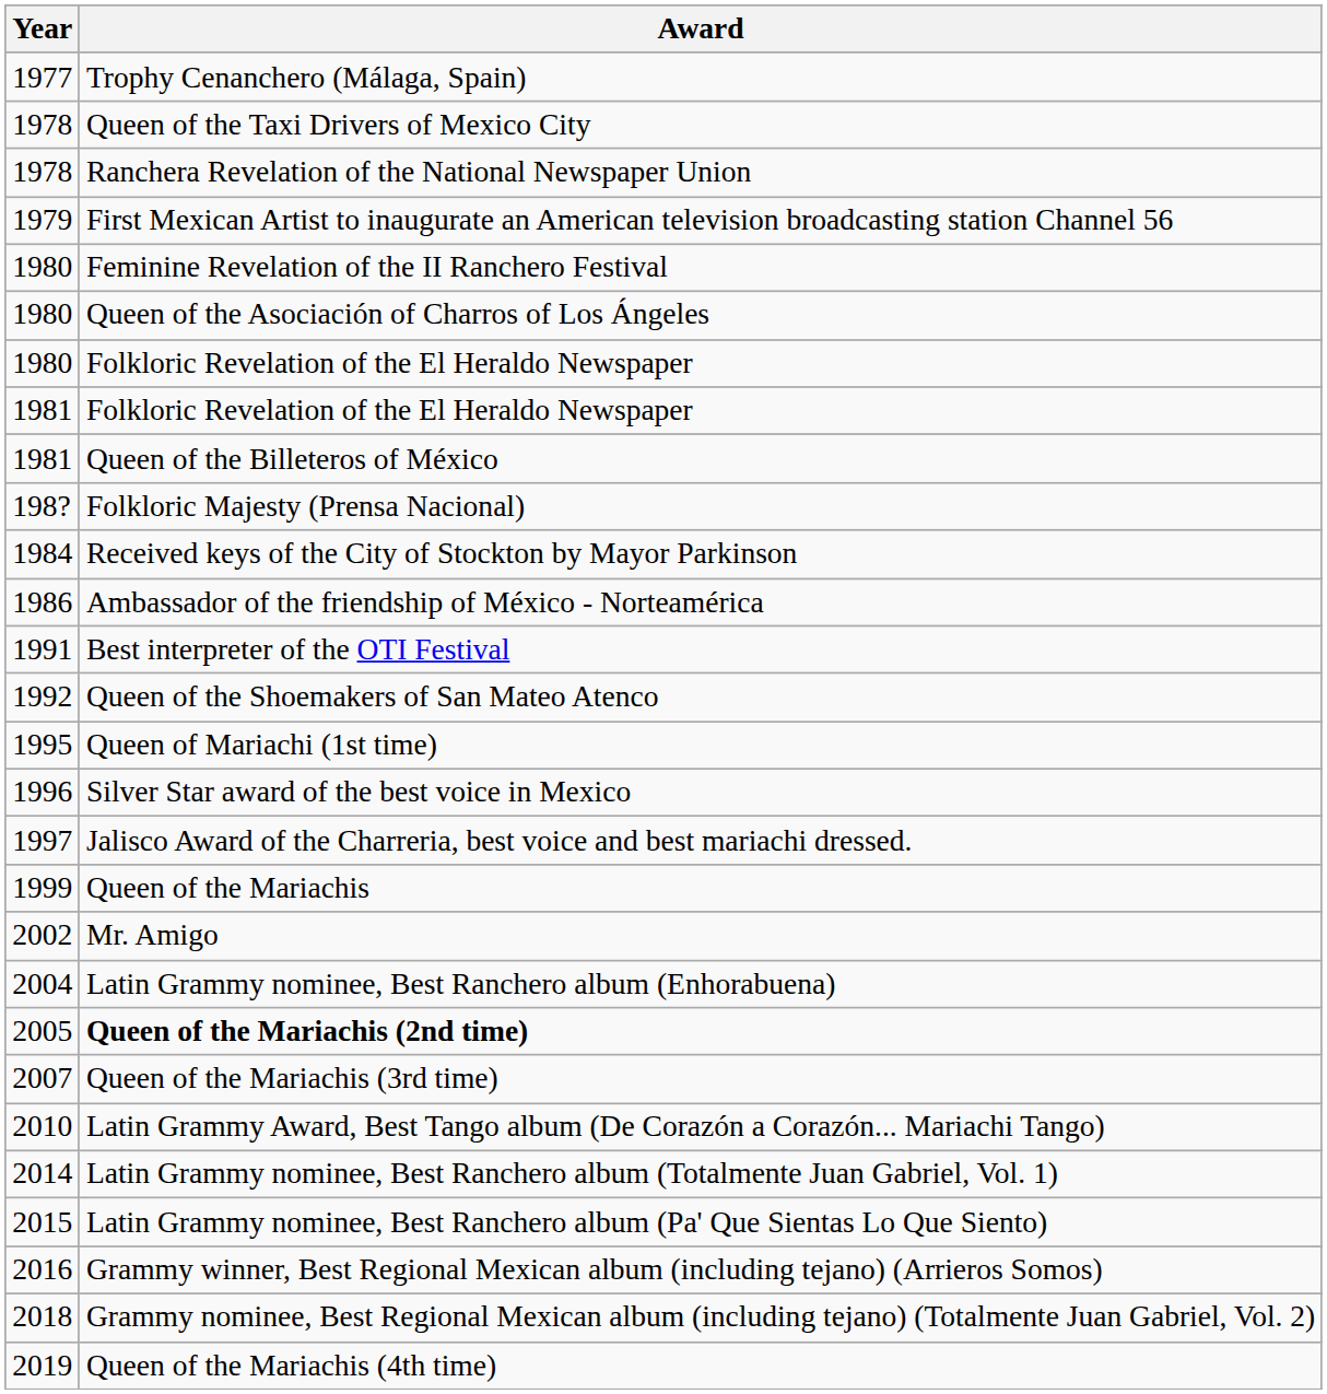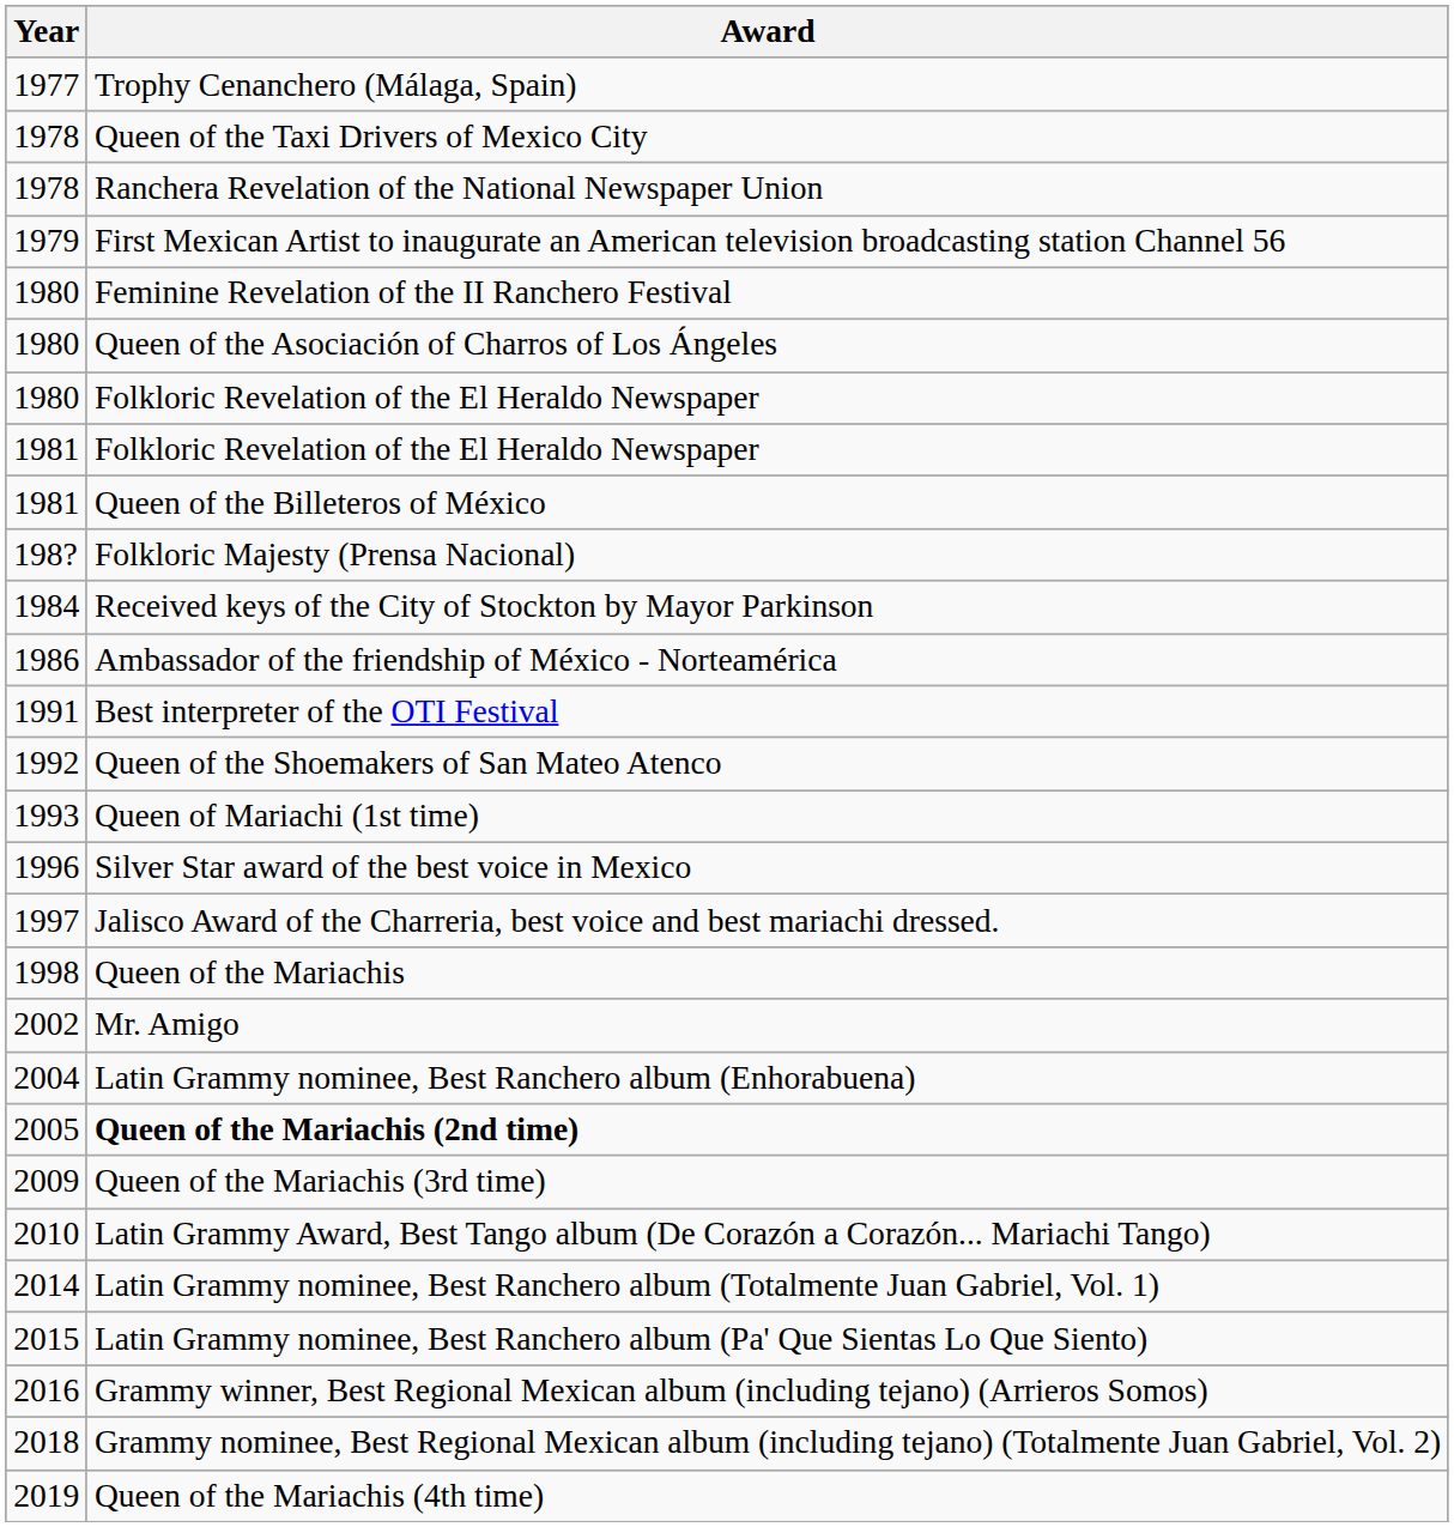 <table class="wikitable">
 <tr>
 <th>Year</th>
 <th>Award</th>
 </tr>
 <tr>
 <td>1977</td>
 <td>Trophy Cenanchero (Málaga, Spain)</td>
 </tr>
 <tr>
 <td>1978</td>
 <td>Queen of the Taxi Drivers of Mexico City</td>
 </tr>
 <tr>
 <td>1978</td>
 <td>Ranchera Revelation of the National Newspaper Union</td>
 </tr>
 <tr>
 <td>1979</td>
 <td>First Mexican Artist to inaugurate an American television broadcasting station Channel 56</td>
 </tr>
 <tr>
 <td>1980</td>
 <td>Feminine Revelation of the II Ranchero Festival</td>
 </tr>
 <tr>
 <td>1980</td>
 <td>Queen of the Asociación of Charros of Los Ángeles</td>
 </tr>
 <tr>
 <td>1980</td>
 <td>Folkloric Revelation of the El Heraldo Newspaper</td>
 </tr>
 <tr>
 <td>1981</td>
 <td>Folkloric Revelation of the El Heraldo Newspaper</td>
 </tr>
 <tr>
 <td>1981</td>
 <td>Queen of the Billeteros of México</td>
 </tr>
 <tr>
 <td>198?</td>
 <td>Folkloric Majesty (Prensa Nacional)</td>
 </tr>
 <tr>
 <td>1984</td>
 <td>Received keys of the City of Stockton by Mayor Parkinson</td>
 </tr>
 <tr>
 <td>1986</td>
 <td>Ambassador of the friendship of México - Norteamérica</td>
 </tr>
 <tr>
 <td>1991</td>
 <td>Best interpreter of the <a href='#'>OTI Festival</a></td>
 </tr>
 <tr>
 <td>1992</td>
 <td>Queen of the Shoemakers of San Mateo Atenco</td>
 </tr>
 <tr>
-<td>1995</td>
+<td>1993</td>
 <td>Queen of Mariachi (1st time)</td>
 </tr>
 <tr>
 <td>1996</td>
 <td>Silver Star award of the best voice in Mexico</td>
 </tr>
 <tr>
 <td>1997</td>
 <td>Jalisco Award of the Charreria, best voice and best mariachi dressed.</td>
 </tr>
 <tr>
-<td>1999</td>
+<td>1998</td>
 <td>Queen of the Mariachis</td>
 </tr>
 <tr>
 <td>2002</td>
 <td>Mr. Amigo</td>
 </tr>
 <tr>
 <td>2004</td>
 <td>Latin Grammy nominee, Best Ranchero album (Enhorabuena)</td>
 </tr>
 <tr>
 <td>2005</td>
 <td><strong>Queen of the Mariachis (2nd time)</strong></td>
 </tr>
 <tr>
-<td>2007</td>
+<td>2009</td>
 <td>Queen of the Mariachis (3rd time)</td>
 </tr>
 <tr>
 <td>2010</td>
 <td>Latin Grammy Award, Best Tango album (De Corazón a Corazón... Mariachi Tango)</td>
 </tr>
 <tr>
 <td>2014</td>
 <td>Latin Grammy nominee, Best Ranchero album (Totalmente Juan Gabriel, Vol. 1)</td>
 </tr>
 <tr>
 <td>2015</td>
 <td>Latin Grammy nominee, Best Ranchero album (Pa' Que Sientas Lo Que Siento)</td>
 </tr>
 <tr>
 <td>2016</td>
 <td>Grammy winner, Best Regional Mexican album (including tejano) (Arrieros Somos)</td>
 </tr>
 <tr>
 <td>2018</td>
 <td>Grammy nominee, Best Regional Mexican album (including tejano) (Totalmente Juan Gabriel, Vol. 2)</td>
 </tr>
 <tr>
 <td>2019</td>
 <td>Queen of the Mariachis (4th time)</td>
 </tr>
 </table>
